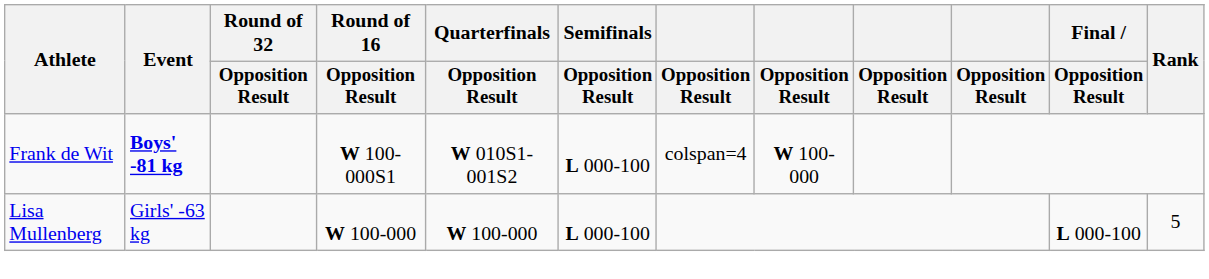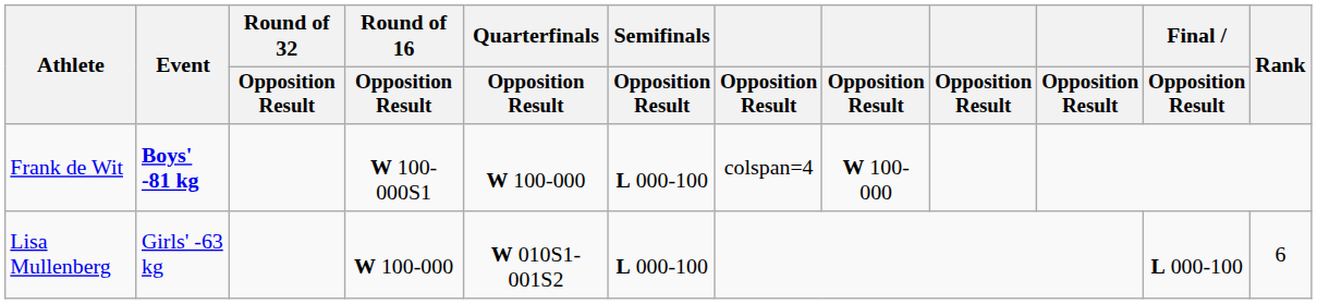 <table class="wikitable" style="font-size:90%">
 <tr>
 <th rowspan="2">Athlete</th>
 <th rowspan="2">Event</th>
 <th>Round of 32</th>
 <th>Round of 16</th>
 <th>Quarterfinals</th>
 <th>Semifinals</th>
 <th></th>
 <th></th>
 <th></th>
 <th></th>
 <th>Final / </th>
 <th rowspan=2>Rank</th>
 </tr>
 <tr style="font-size:95%">
 <th>Opposition<br>Result</th>
 <th>Opposition<br>Result</th>
 <th>Opposition<br>Result</th>
 <th>Opposition<br>Result</th>
 <th>Opposition<br>Result</th>
 <th>Opposition<br>Result</th>
 <th>Opposition<br>Result</th>
 <th>Opposition<br>Result</th>
 <th>Opposition<br>Result</th>
 </tr>
 <tr align=center>
 <td align=left><a href='#'>Frank de Wit</a></td>
 <td align=left><strong><a href='#'>Boys' -81 kg</a></strong></td>
 <td></td>
 <td><br> <strong>W</strong> 100-000S1</td>
-<td><br> <strong>W</strong> 010S1-001S2</td>
+<td><br> <strong>W</strong> 100-000</td>
 <td><br> <strong>L</strong> 000-100</td>
 <td>colspan=4 </td>
 <td><br> <strong>W</strong> 100-000</td>
 <td></td>
 </tr>
 <tr align=center>
 <td align=left><a href='#'>Lisa Mullenberg</a></td>
 <td align=left><a href='#'>Girls' -63 kg</a></td>
 <td></td>
 <td><br> <strong>W</strong> 100-000</td>
-<td><br> <strong>W</strong> 100-000</td>
+<td><br> <strong>W</strong> 010S1-001S2</td>
 <td><br> <strong>L</strong> 000-100</td>
 <td colspan=4 ></td>
 <td><br> <strong>L</strong> 000-100</td>
-<td>5</td>
+<td>6</td>
 </tr>
 </table>
